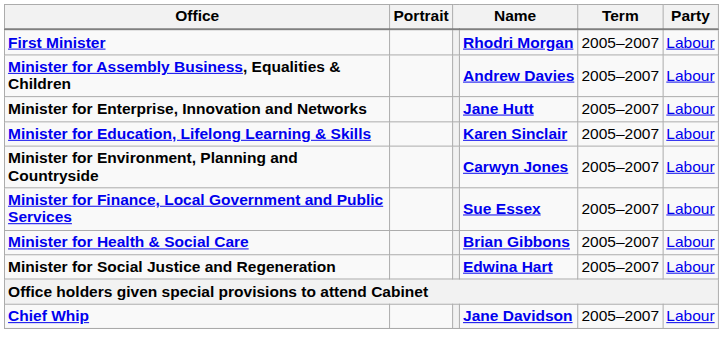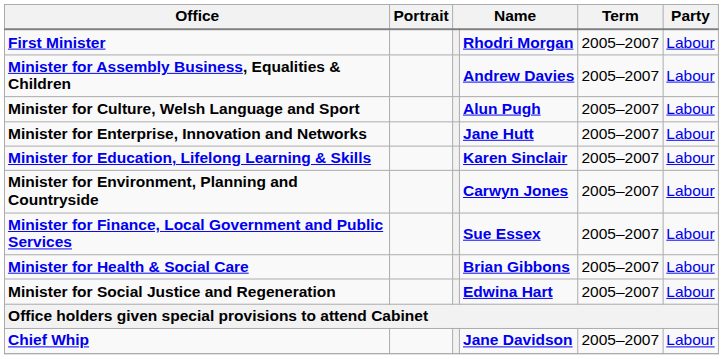 <table class="wikitable">
 <tr style="border-bottom: 2px solid gray;">
 <th style="width: 390px">Office</th>
 <th>Portrait</th>
 <th colspan="2">Name</th>
 <th>Term</th>
 <th>Party</th>
 </tr>
 <tr>
 <td><strong><a href='#'>First Minister</a></strong></td>
 <td></td>
 <th style="background-color: "></th>
 <td><strong><a href='#'>Rhodri Morgan</a></strong></td>
 <td>2005–2007</td>
 <td><a href='#'>Labour</a></td>
 </tr>
 <tr>
 <td><strong><a href='#'>Minister for Assembly Business</a>, Equalities & Children</strong></td>
 <td></td>
 <th style="background-color: "></th>
 <td><strong><a href='#'>Andrew Davies</a></strong></td>
+<td>2005–2007</td>
+<td><a href='#'>Labour</a></td>
+</tr>
+<tr>
+<td><strong>Minister for Culture, Welsh Language and Sport</strong></td>
+<td></td>
+<th style="background-color: "></th>
+<td><strong><a href='#'>Alun Pugh</a></strong></td>
 <td>2005–2007</td>
 <td><a href='#'>Labour</a></td>
 </tr>
 <tr>
 <td><strong>Minister for Enterprise, Innovation and Networks</strong></td>
 <td></td>
 <th style="background-color: "></th>
 <td><strong><a href='#'>Jane Hutt</a></strong></td>
 <td>2005–2007</td>
 <td><a href='#'>Labour</a></td>
 </tr>
 <tr>
 <td><strong><a href='#'>Minister for Education, Lifelong Learning & Skills</a></strong></td>
 <td></td>
 <th style="background-color: "></th>
 <td><strong><a href='#'>Karen Sinclair</a></strong></td>
 <td>2005–2007</td>
 <td><a href='#'>Labour</a></td>
 </tr>
 <tr>
 <td><strong>Minister for Environment, Planning and Countryside</strong></td>
 <td></td>
 <th style="background-color: "></th>
 <td><strong><a href='#'>Carwyn Jones</a></strong></td>
 <td>2005–2007</td>
 <td><a href='#'>Labour</a></td>
 </tr>
 <tr>
 <td><strong><a href='#'>Minister for Finance, Local Government and Public Services</a></strong></td>
 <td></td>
 <th style="background-color: "></th>
 <td><strong><a href='#'>Sue Essex</a></strong></td>
 <td>2005–2007</td>
 <td><a href='#'>Labour</a></td>
 </tr>
 <tr>
 <td><strong><a href='#'>Minister for Health & Social Care</a></strong></td>
 <td></td>
 <th style="background-color: "></th>
 <td><strong><a href='#'>Brian Gibbons</a></strong></td>
 <td>2005–2007</td>
 <td><a href='#'>Labour</a></td>
 </tr>
 <tr>
 <td><strong>Minister for Social Justice and Regeneration</strong></td>
 <td></td>
 <th style="background-color: "></th>
 <td><strong><a href='#'>Edwina Hart</a></strong></td>
 <td>2005–2007</td>
 <td><a href='#'>Labour</a></td>
 </tr>
 <tr>
 <th colspan="6" style="text-align:left">Office holders given special provisions to attend Cabinet</th>
 </tr>
 <tr>
 <td><strong><a href='#'>Chief Whip</a></strong></td>
 <td></td>
 <th style="background-color: "></th>
 <td><strong><a href='#'>Jane Davidson</a></strong></td>
 <td>2005–2007</td>
 <td><a href='#'>Labour</a></td>
 </tr>
 <tr>
 </tr>
 </table>
